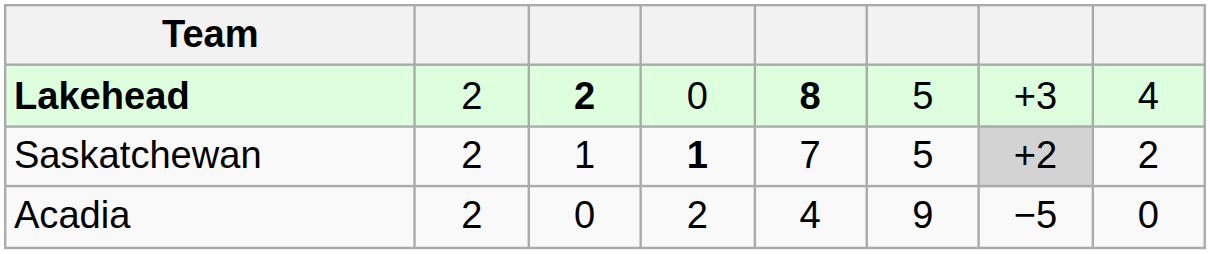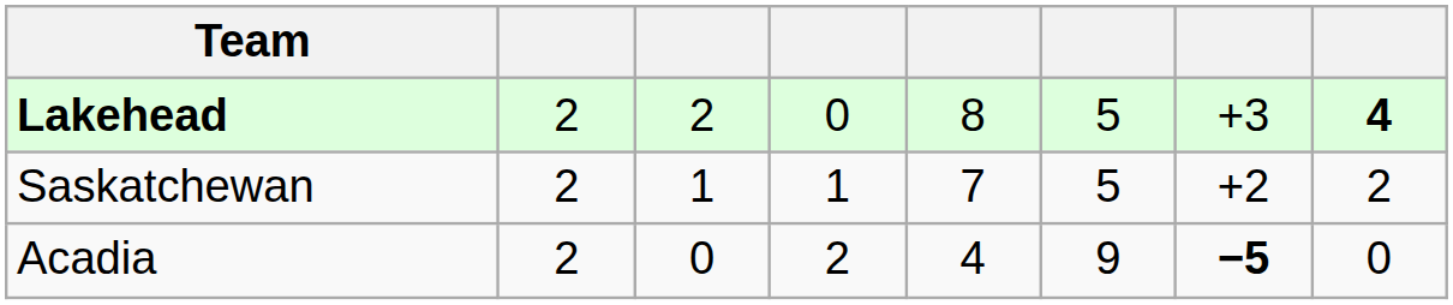 <table class="wikitable" style="text-align:center;">
 <tr>
 <th width=165>Team</th>
 <th width=40></th>
 <th width=40></th>
 <th width=40></th>
 <th width=40></th>
 <th width=40></th>
 <th width=40></th>
 <th width=40></th>
 </tr>
 <tr style="background:#ddffdd">
 <td style="text-align:left;"><strong>Lakehead</strong></td>
 <td>2</td>
-<td><strong>2</strong></td>
+<td>2</td>
 <td>0</td>
-<td><strong>8</strong></td>
+<td>8</td>
 <td>5</td>
 <td>+3</td>
-<td>4</td>
+<td><strong>4</strong></td>
 </tr>
 <tr>
 <td style="text-align:left;">Saskatchewan</td>
 <td>2</td>
 <td>1</td>
-<td><strong>1</strong></td>
+<td>1</td>
 <td>7</td>
 <td>5</td>
-<td style="background: lightgrey;">+2</td>
+<td>+2</td>
 <td>2</td>
 </tr>
 <tr>
 <td style="text-align:left;">Acadia</td>
 <td>2</td>
 <td>0</td>
 <td>2</td>
 <td>4</td>
 <td>9</td>
-<td>−5</td>
+<td><strong>−5</strong></td>
 <td>0</td>
 </tr>
 </table>
